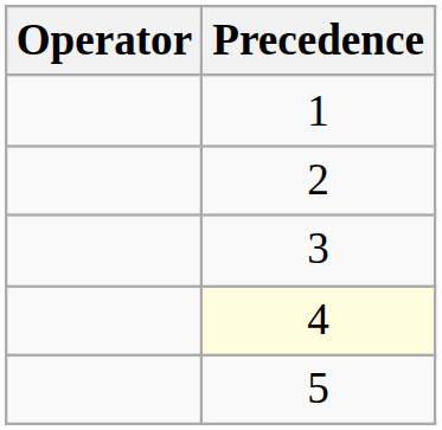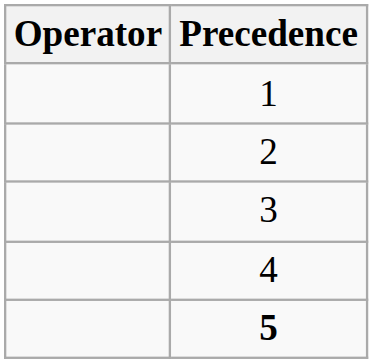 <table class="wikitable" style="text-align: center;">
 <tr>
 <th>Operator</th>
 <th>Precedence</th>
 </tr>
 <tr>
 <td></td>
 <td>1</td>
 </tr>
 <tr>
 <td></td>
 <td>2</td>
 </tr>
 <tr>
 <td></td>
 <td>3</td>
 </tr>
 <tr>
 <td></td>
-<td style="background: lightyellow;">4</td>
+<td>4</td>
 </tr>
 <tr>
 <td></td>
-<td>5</td>
+<td><strong>5</strong></td>
 </tr>
 </table>
